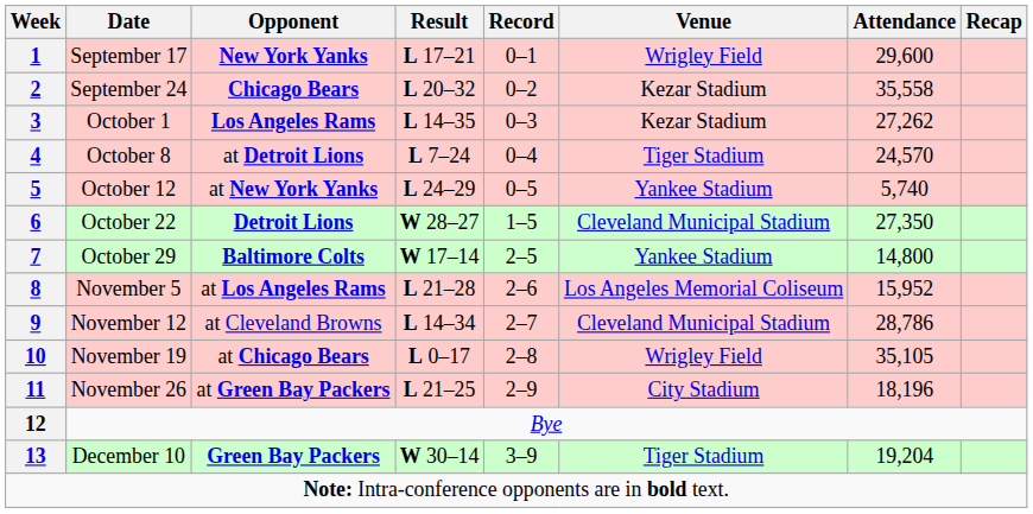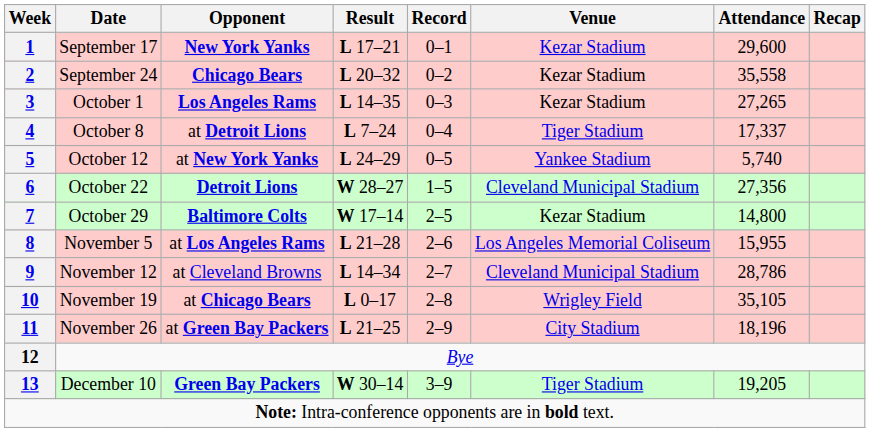 <table class="wikitable" style="text-align:center">
 <tr>
 <th>Week</th>
 <th>Date</th>
 <th>Opponent</th>
 <th>Result</th>
 <th>Record</th>
 <th>Venue</th>
 <th>Attendance</th>
 <th>Recap</th>
 </tr>
 <tr style="background:#fcc">
 <th><a href='#'>1</a></th>
 <td>September 17</td>
 <td><strong><a href='#'>New York Yanks</a></strong></td>
 <td><strong>L</strong> 17–21</td>
 <td>0–1</td>
-<td><a href='#'>Wrigley Field</a></td>
+<td><a href='#'>Kezar Stadium</a></td>
 <td>29,600</td>
 <td></td>
 </tr>
 <tr style="background:#fcc">
 <th><a href='#'>2</a></th>
 <td>September 24</td>
 <td><strong><a href='#'>Chicago Bears</a></strong></td>
 <td><strong>L</strong> 20–32</td>
 <td>0–2</td>
 <td>Kezar Stadium</td>
 <td>35,558</td>
 <td></td>
 </tr>
 <tr style="background:#fcc">
 <th><a href='#'>3</a></th>
 <td>October 1</td>
 <td><strong><a href='#'>Los Angeles Rams</a></strong></td>
 <td><strong>L</strong>  14–35</td>
 <td>0–3</td>
 <td>Kezar Stadium</td>
-<td>27,262</td>
+<td>27,265</td>
 <td></td>
 </tr>
 <tr style="background:#fcc">
 <th><a href='#'>4</a></th>
 <td>October 8</td>
 <td>at <strong><a href='#'>Detroit Lions</a></strong></td>
 <td><strong>L</strong> 7–24</td>
 <td>0–4</td>
 <td><a href='#'>Tiger Stadium</a></td>
-<td>24,570</td>
+<td>17,337</td>
 <td></td>
 </tr>
 <tr style="background:#fcc">
 <th><a href='#'>5</a></th>
 <td>October 12</td>
 <td>at <strong><a href='#'>New York Yanks</a></strong></td>
 <td><strong>L</strong> 24–29</td>
 <td>0–5</td>
 <td><a href='#'>Yankee Stadium</a></td>
 <td>5,740</td>
 <td></td>
 </tr>
 <tr style="background:#cfc">
 <th><a href='#'>6</a></th>
 <td>October 22</td>
 <td><strong><a href='#'>Detroit Lions</a></strong></td>
 <td><strong>W</strong> 28–27</td>
 <td>1–5</td>
 <td><a href='#'>Cleveland Municipal Stadium</a></td>
-<td>27,350</td>
+<td>27,356</td>
 <td></td>
 </tr>
 <tr style="background:#cfc">
 <th><a href='#'>7</a></th>
 <td>October 29</td>
 <td><strong><a href='#'>Baltimore Colts</a></strong></td>
 <td><strong>W</strong> 17–14</td>
 <td>2–5</td>
-<td><a href='#'>Yankee Stadium</a></td>
+<td>Kezar Stadium</td>
 <td>14,800</td>
 <td></td>
 </tr>
 <tr style="background:#fcc">
 <th><a href='#'>8</a></th>
 <td>November 5</td>
 <td>at <strong><a href='#'>Los Angeles Rams</a></strong></td>
 <td><strong>L</strong> 21–28</td>
 <td>2–6</td>
 <td><a href='#'>Los Angeles Memorial Coliseum</a></td>
-<td>15,952</td>
+<td>15,955</td>
 <td></td>
 </tr>
 <tr style="background:#fcc">
 <th><a href='#'>9</a></th>
 <td>November 12</td>
 <td>at <a href='#'>Cleveland Browns</a></td>
 <td><strong>L</strong> 14–34</td>
 <td>2–7</td>
 <td><a href='#'>Cleveland Municipal Stadium</a></td>
 <td>28,786</td>
 <td></td>
 </tr>
 <tr style="background:#fcc">
 <th><a href='#'>10</a></th>
 <td>November 19</td>
 <td>at <strong><a href='#'>Chicago Bears</a></strong></td>
 <td><strong>L</strong> 0–17</td>
 <td>2–8</td>
 <td><a href='#'>Wrigley Field</a></td>
 <td>35,105</td>
 <td></td>
 </tr>
 <tr style="background:#fcc">
 <th><a href='#'>11</a></th>
 <td>November 26</td>
 <td>at <strong><a href='#'>Green Bay Packers</a></strong></td>
 <td><strong>L</strong> 21–25</td>
 <td>2–9</td>
 <td><a href='#'>City Stadium</a></td>
 <td>18,196</td>
 <td></td>
 </tr>
 <tr>
 <th>12</th>
 <td colspan="7"><em><a href='#'>Bye</a></em></td>
 </tr>
 <tr style="background:#cfc">
 <th><a href='#'>13</a></th>
 <td>December 10</td>
 <td><strong><a href='#'>Green Bay Packers</a></strong></td>
 <td><strong>W</strong> 30–14</td>
 <td>3–9</td>
 <td><a href='#'>Tiger Stadium</a></td>
-<td>19,204</td>
+<td>19,205</td>
 <td></td>
 </tr>
 <tr>
 <td colspan="8"><strong>Note:</strong> Intra-conference opponents are in <strong>bold</strong> text.</td>
 </tr>
 </table>
